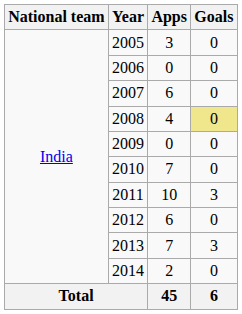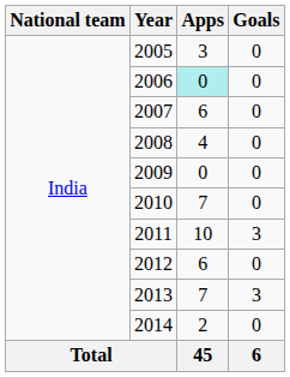 <table class=wikitable style="text-align: center;">
 <tr>
 <th>National team</th>
 <th>Year</th>
 <th>Apps</th>
 <th>Goals</th>
 </tr>
 <tr>
 <td rowspan="11"><a href='#'>India</a></td>
 </tr>
 <tr>
 <td>2005</td>
 <td>3</td>
 <td>0</td>
 </tr>
 <tr>
 <td>2006</td>
-<td>0</td>
+<td style="background: paleturquoise;">0</td>
 <td>0</td>
 </tr>
 <tr>
 <td>2007</td>
 <td>6</td>
 <td>0</td>
 </tr>
 <tr>
 <td>2008</td>
 <td>4</td>
-<td style="background: khaki;">0</td>
+<td>0</td>
 </tr>
 <tr>
 <td>2009</td>
 <td>0</td>
 <td>0</td>
 </tr>
 <tr>
 <td>2010</td>
 <td>7</td>
 <td>0</td>
 </tr>
 <tr>
 <td>2011</td>
 <td>10</td>
 <td>3</td>
 </tr>
 <tr>
 <td>2012</td>
 <td>6</td>
 <td>0</td>
 </tr>
 <tr>
 <td>2013</td>
 <td>7</td>
 <td>3</td>
 </tr>
 <tr>
 <td>2014</td>
 <td>2</td>
 <td>0</td>
 </tr>
 <tr>
 <th colspan="2">Total</th>
 <th>45</th>
 <th>6</th>
 </tr>
 </table>
